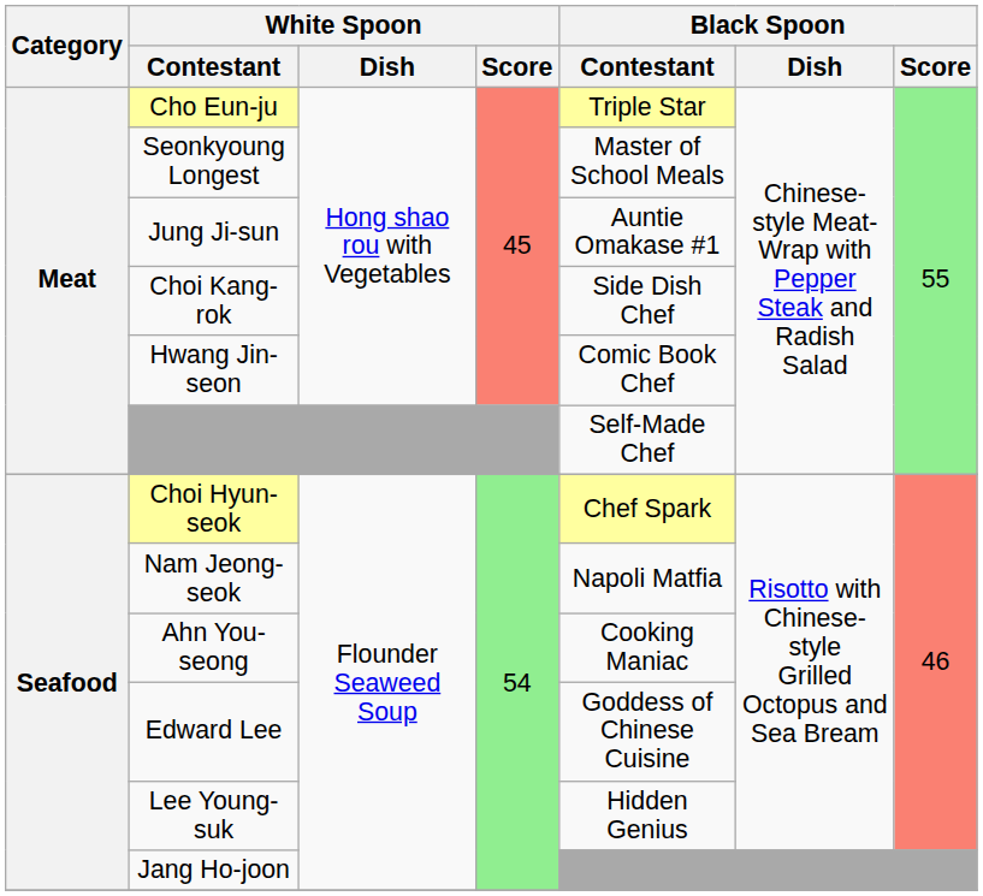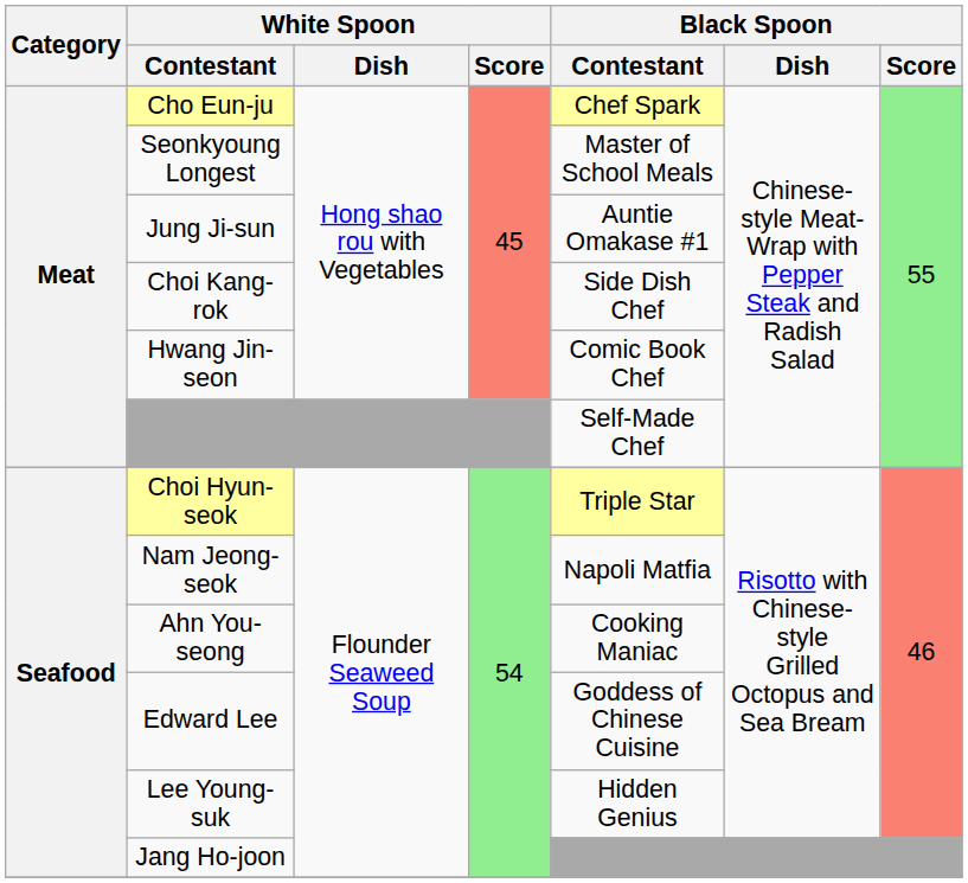 <table class="wikitable sortable" style="text-align:center">
 <tr>
 <th rowspan="2">Category</th>
 <th colspan="3">White Spoon</th>
 <th colspan="3">Black Spoon</th>
 </tr>
 <tr>
 <th>Contestant</th>
 <th>Dish</th>
 <th>Score</th>
 <th>Contestant</th>
 <th>Dish</th>
 <th>Score</th>
 </tr>
 <tr>
 <th rowspan="6">Meat</th>
 <td style="background:#FFFF9F">Cho Eun-ju</td>
 <td rowspan="5"><a href='#'>Hong shao rou</a> with Vegetables</td>
 <td rowspan="5" style="background:salmon">45</td>
-<td style="background:#FFFF9F">Triple Star</td>
+<td style="background:#FFFF9F">Chef Spark</td>
 <td rowspan="6">Chinese-style Meat-Wrap with <br> <a href='#'>Pepper Steak</a> and Radish Salad</td>
 <td rowspan="6" style="background:#90EE90">55</td>
 </tr>
 <tr>
 <td>Seonkyoung Longest</td>
 <td>Master of School Meals</td>
 </tr>
 <tr>
 <td>Jung Ji-sun</td>
 <td>Auntie Omakase #1</td>
 </tr>
 <tr>
 <td>Choi Kang-rok</td>
 <td>Side Dish Chef</td>
 </tr>
 <tr>
 <td>Hwang Jin-seon</td>
 <td>Comic Book Chef</td>
 </tr>
 <tr>
 <td colspan="3"  style="background:darkgray"></td>
 <td>Self-Made Chef</td>
 </tr>
 <tr>
 </tr>
 <tr>
 <th rowspan="6">Seafood</th>
 <td style="background:#FFFF9F">Choi Hyun-seok</td>
 <td rowspan="6">Flounder <a href='#'>Seaweed Soup</a></td>
 <td rowspan="6" style="background:#90EE90">54</td>
-<td style="background:#FFFF9F">Chef Spark</td>
+<td style="background:#FFFF9F">Triple Star</td>
 <td rowspan="5"><a href='#'>Risotto</a> with Chinese-style <br> Grilled Octopus and Sea Bream</td>
 <td rowspan="5" style="background:salmon">46</td>
 </tr>
 <tr>
 <td>Nam Jeong-seok</td>
 <td>Napoli Matfia</td>
 </tr>
 <tr>
 <td>Ahn You-seong</td>
 <td>Cooking Maniac</td>
 </tr>
 <tr>
 <td>Edward Lee</td>
 <td>Goddess of Chinese Cuisine</td>
 </tr>
 <tr>
 <td>Lee Young-suk</td>
 <td>Hidden Genius</td>
 </tr>
 <tr>
 <td>Jang Ho-joon</td>
 <td colspan="3"  style="background:darkgray"></td>
 </tr>
 <tr>
 </tr>
 </table>
